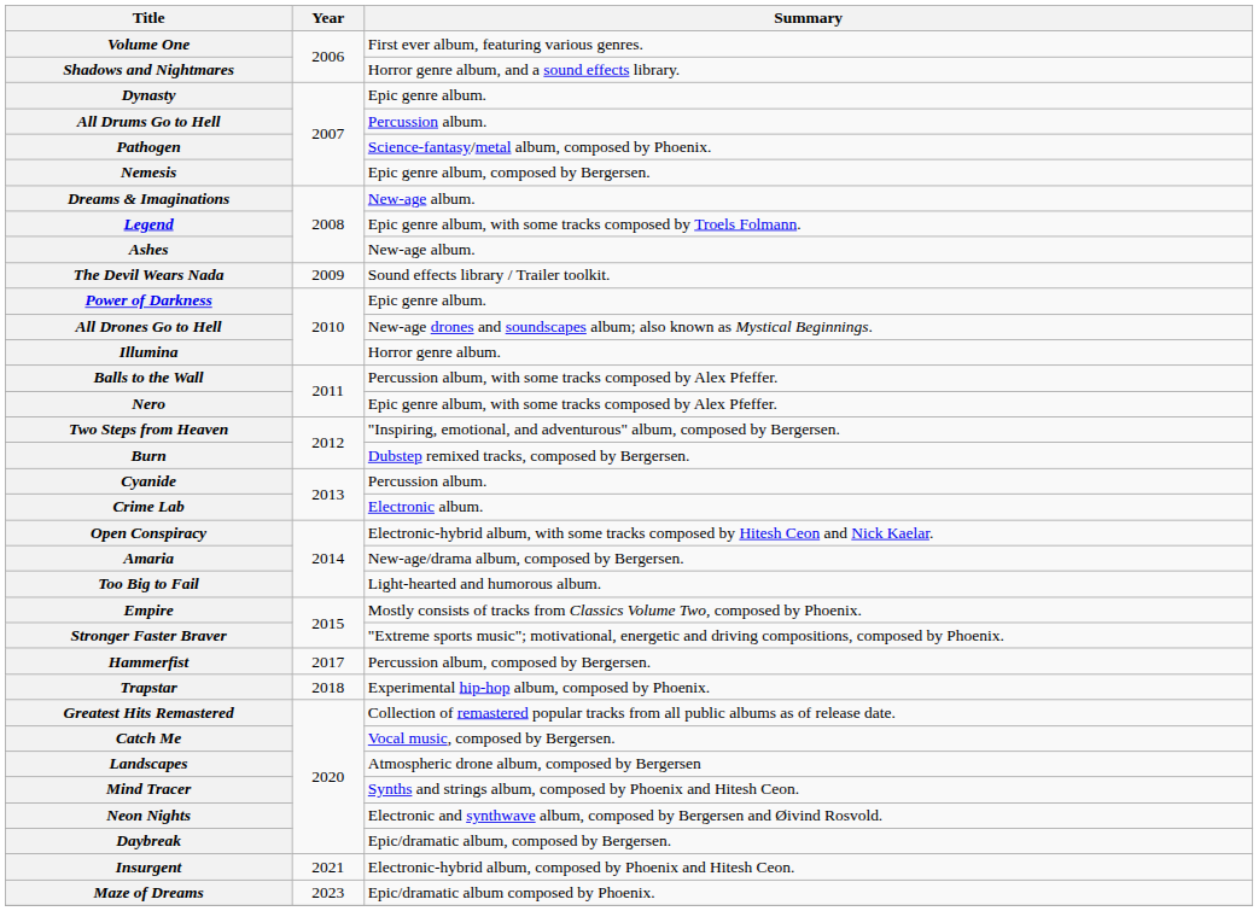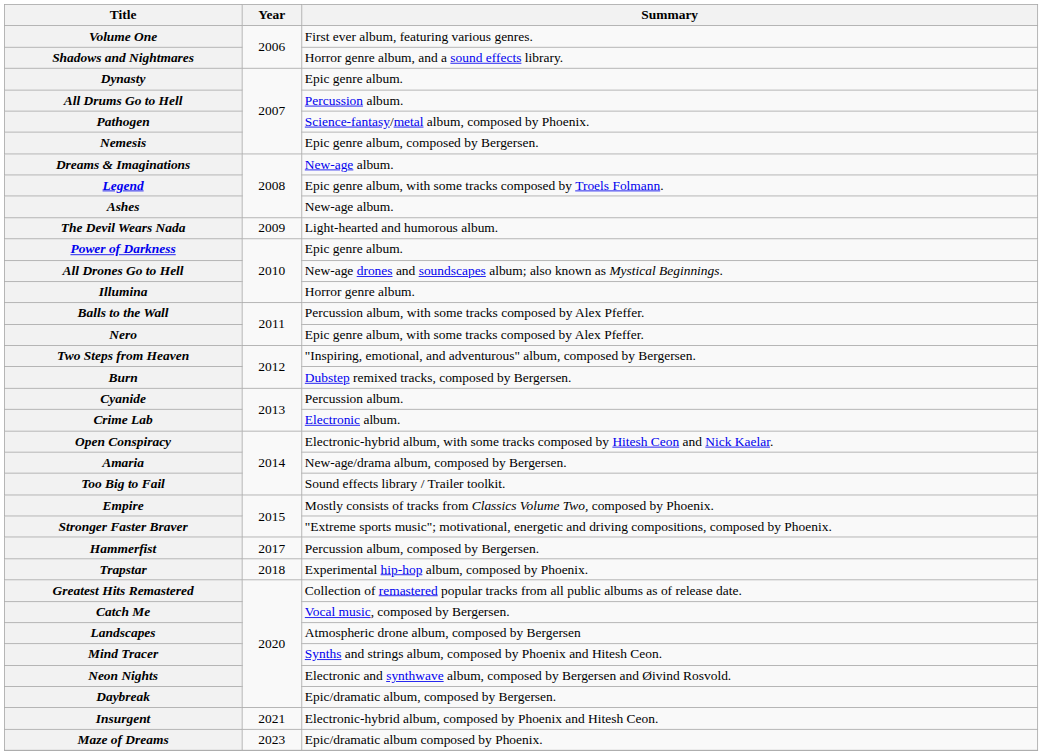 <table class="wikitable plainrowheaders" style="text-align:center;">
 <tr>
 <th scope="col" style="width:17.2em;">Title</th>
 <th scope="col" style="width:4em;">Year</th>
 <th scope="col" style="width:54.3em;">Summary</th>
 </tr>
 <tr>
 <th scope="row"><em>Volume One</em></th>
 <td rowspan="2">2006</td>
 <td style="text-align:left;">First ever album, featuring various genres.</td>
 </tr>
 <tr>
 <th scope="row"><em>Shadows and Nightmares</em></th>
 <td style="text-align:left;">Horror genre album, and a <a href='#'>sound effects</a> library.</td>
 </tr>
 <tr>
 <th scope="row"><em>Dynasty</em></th>
 <td rowspan="4">2007</td>
 <td style="text-align:left;">Epic genre album.</td>
 </tr>
 <tr>
 <th scope="row"><em>All Drums Go to Hell</em></th>
 <td style="text-align:left;"><a href='#'>Percussion</a> album.</td>
 </tr>
 <tr>
 <th scope="row"><em>Pathogen</em></th>
 <td style="text-align:left;"><a href='#'>Science-fantasy</a>/<a href='#'>metal</a> album, composed by Phoenix.</td>
 </tr>
 <tr>
 <th scope="row"><em>Nemesis</em></th>
 <td style="text-align:left;">Epic genre album, composed by Bergersen.</td>
 </tr>
 <tr>
 <th scope="row"><em>Dreams & Imaginations</em></th>
 <td rowspan="3">2008</td>
 <td style="text-align:left;"><a href='#'>New-age</a> album.</td>
 </tr>
 <tr>
 <th scope="row"><em><a href='#'>Legend</a></em></th>
 <td style="text-align:left;">Epic genre album, with some tracks composed by <a href='#'>Troels Folmann</a>.</td>
 </tr>
 <tr>
 <th scope="row"><em>Ashes</em></th>
 <td style="text-align:left;">New-age album.</td>
 </tr>
 <tr>
 <th scope="row"><em>The Devil Wears Nada</em></th>
 <td>2009</td>
-<td style="text-align:left;">Sound effects library / Trailer toolkit.</td>
+<td style="text-align:left;">Light-hearted and humorous album.</td>
 </tr>
 <tr>
 <th scope="row"><em><a href='#'>Power of Darkness</a></em></th>
 <td rowspan="3">2010</td>
 <td style="text-align:left;">Epic genre album.</td>
 </tr>
 <tr>
 <th scope="row"><em>All Drones Go to Hell</em></th>
 <td style="text-align:left;">New-age <a href='#'>drones</a> and <a href='#'>soundscapes</a> album; also known as <em>Mystical Beginnings</em>.</td>
 </tr>
 <tr>
 <th scope="row"><em>Illumina</em></th>
 <td style="text-align:left;">Horror genre album.</td>
 </tr>
 <tr>
 <th scope="row"><em>Balls to the Wall</em></th>
 <td rowspan="2">2011</td>
 <td style="text-align:left;">Percussion album, with some tracks composed by Alex Pfeffer.</td>
 </tr>
 <tr>
 <th scope="row"><em>Nero</em></th>
 <td style="text-align:left;">Epic genre album, with some tracks composed by Alex Pfeffer.</td>
 </tr>
 <tr>
 <th scope="row"><em>Two Steps from Heaven</em></th>
 <td rowspan="2">2012</td>
 <td style="text-align:left;">"Inspiring, emotional, and adventurous" album, composed by Bergersen.</td>
 </tr>
 <tr>
 <th scope="row"><em>Burn</em></th>
 <td style="text-align:left;"><a href='#'>Dubstep</a> remixed tracks, composed by Bergersen.</td>
 </tr>
 <tr>
 <th scope="row"><em>Cyanide</em></th>
 <td rowspan="2">2013</td>
 <td style="text-align:left;">Percussion album.</td>
 </tr>
 <tr>
 <th scope="row"><em>Crime Lab</em></th>
 <td style="text-align:left;"><a href='#'>Electronic</a> album.</td>
 </tr>
 <tr>
 <th scope="row"><em>Open Conspiracy</em></th>
 <td rowspan="3">2014</td>
 <td style="text-align:left;">Electronic-hybrid album, with some tracks composed by <a href='#'>Hitesh Ceon</a> and <a href='#'>Nick Kaelar</a>.</td>
 </tr>
 <tr>
 <th scope="row"><em>Amaria</em></th>
 <td style="text-align:left;">New-age/drama album, composed by Bergersen.</td>
 </tr>
 <tr>
 <th scope="row"><em>Too Big to Fail</em></th>
-<td style="text-align:left;">Light-hearted and humorous album.</td>
+<td style="text-align:left;">Sound effects library / Trailer toolkit.</td>
 </tr>
 <tr>
 <th scope="row"><em>Empire</em></th>
 <td rowspan="2">2015</td>
 <td style="text-align:left;">Mostly consists of tracks from <em>Classics Volume Two,</em> composed by Phoenix.</td>
 </tr>
 <tr>
 <th scope="row"><em>Stronger Faster Braver</em></th>
 <td style="text-align:left;">"Extreme sports music"; motivational, energetic and driving compositions, composed by Phoenix.</td>
 </tr>
 <tr>
 <th scope="row"><em>Hammerfist</em></th>
 <td>2017</td>
 <td style="text-align:left;">Percussion album, composed by Bergersen.</td>
 </tr>
 <tr>
 <th scope="row"><em>Trapstar</em></th>
 <td>2018</td>
 <td style="text-align:left;">Experimental <a href='#'>hip-hop</a> album, composed by Phoenix.</td>
 </tr>
 <tr>
 <th scope="row"><em>Greatest Hits Remastered</em></th>
 <td rowspan="6">2020</td>
 <td style="text-align:left;">Collection of <a href='#'>remastered</a> popular tracks from all public albums as of release date.</td>
 </tr>
 <tr>
 <th scope="row"><em>Catch Me</em></th>
 <td style="text-align:left;"><a href='#'>Vocal music</a>, composed by Bergersen.</td>
 </tr>
 <tr>
 <th scope="row"><em>Landscapes</em></th>
 <td style="text-align:left;">Atmospheric drone album, composed by Bergersen</td>
 </tr>
 <tr>
 <th scope="row"><em>Mind Tracer</em></th>
 <td style="text-align:left;"><a href='#'>Synths</a> and strings album, composed by Phoenix and Hitesh Ceon.</td>
 </tr>
 <tr>
 <th scope="row"><em>Neon Nights</em></th>
 <td style="text-align:left;">Electronic and <a href='#'>synthwave</a> album, composed by Bergersen and Øivind Rosvold.</td>
 </tr>
 <tr>
 <th scope="row"><em>Daybreak</em></th>
 <td style="text-align:left;">Epic/dramatic album, composed by Bergersen.</td>
 </tr>
 <tr>
 <th scope="row"><em>Insurgent</em></th>
 <td>2021</td>
 <td style="text-align:left;">Electronic-hybrid album, composed by Phoenix and Hitesh Ceon.</td>
 </tr>
 <tr>
 <th scope="row"><em>Maze of Dreams</em></th>
 <td>2023</td>
 <td style="text-align:left;">Epic/dramatic album composed by Phoenix.</td>
 </tr>
 <tr>
 </tr>
 </table>
